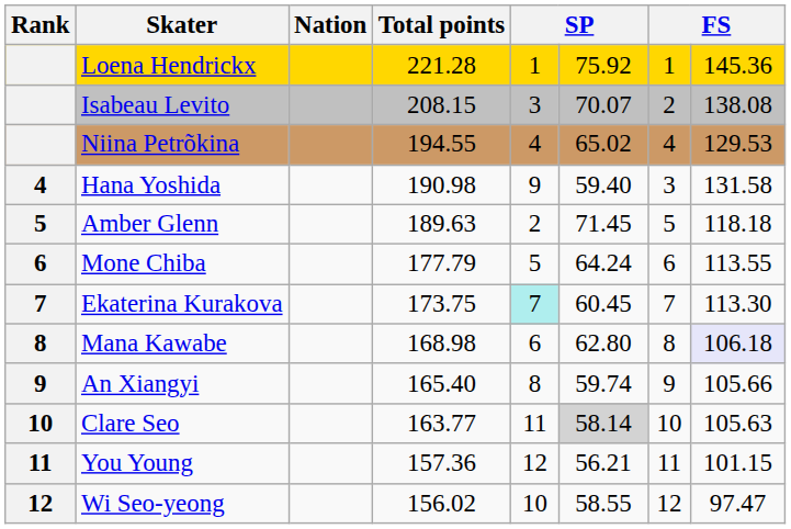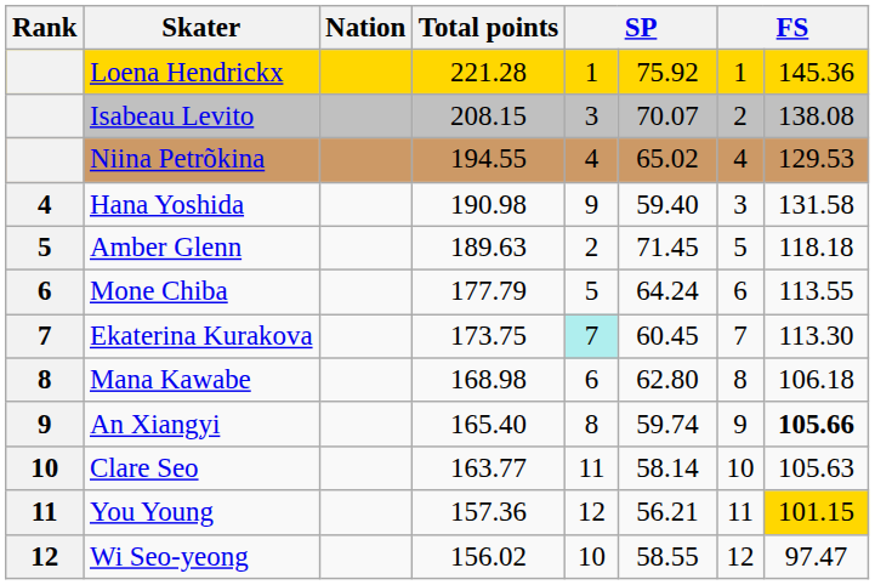 <table class="wikitable sortable" style="text-align:left">
 <tr>
 <th scope="col">Rank</th>
 <th scope="col">Skater</th>
 <th scope="col">Nation</th>
 <th scope="col">Total points</th>
 <th scope="col" colspan="2" width="80px"><a href='#'>SP</a></th>
 <th scope="col" colspan="2" width="80px"><a href='#'>FS</a></th>
 </tr>
 <tr bgcolor="gold">
 <th scope="row"></th>
 <td><a href='#'>Loena Hendrickx</a></td>
 <td></td>
 <td align="center">221.28</td>
 <td align="center">1</td>
 <td align="center">75.92</td>
 <td align="center">1</td>
 <td align="center">145.36</td>
 </tr>
 <tr bgcolor="silver">
 <th scope="row"></th>
 <td><a href='#'>Isabeau Levito</a></td>
 <td></td>
 <td align="center">208.15</td>
 <td align="center">3</td>
 <td align="center">70.07</td>
 <td align="center">2</td>
 <td align="center">138.08</td>
 </tr>
 <tr bgcolor="cc9966">
 <th scope="row"></th>
 <td><a href='#'>Niina Petrõkina</a></td>
 <td></td>
 <td align="center">194.55</td>
 <td align="center">4</td>
 <td align="center">65.02</td>
 <td align="center">4</td>
 <td align="center">129.53</td>
 </tr>
 <tr>
 <th scope="row">4</th>
 <td><a href='#'>Hana Yoshida</a></td>
 <td></td>
 <td align="center">190.98</td>
 <td align="center">9</td>
 <td align="center">59.40</td>
 <td align="center">3</td>
 <td align="center">131.58</td>
 </tr>
 <tr>
 <th scope="row">5</th>
 <td><a href='#'>Amber Glenn</a></td>
 <td></td>
 <td align="center">189.63</td>
 <td align="center">2</td>
 <td align="center">71.45</td>
 <td align="center">5</td>
 <td align="center">118.18</td>
 </tr>
 <tr>
 <th scope="row">6</th>
 <td><a href='#'>Mone Chiba</a></td>
 <td></td>
 <td align="center">177.79</td>
 <td align="center">5</td>
 <td align="center">64.24</td>
 <td align="center">6</td>
 <td align="center">113.55</td>
 </tr>
 <tr>
 <th scope="row">7</th>
 <td><a href='#'>Ekaterina Kurakova</a></td>
 <td></td>
 <td align="center">173.75</td>
 <td align="center" style="background: paleturquoise;">7</td>
 <td align="center">60.45</td>
 <td align="center">7</td>
 <td align="center">113.30</td>
 </tr>
 <tr>
 <th scope="row">8</th>
 <td><a href='#'>Mana Kawabe</a></td>
 <td></td>
 <td align="center">168.98</td>
 <td align="center">6</td>
 <td align="center">62.80</td>
 <td align="center">8</td>
-<td align="center" style="background: lavender;">106.18</td>
+<td align="center">106.18</td>
 </tr>
 <tr>
 <th scope="row">9</th>
 <td><a href='#'>An Xiangyi</a></td>
 <td></td>
 <td align="center">165.40</td>
 <td align="center">8</td>
 <td align="center">59.74</td>
 <td align="center">9</td>
-<td align="center">105.66</td>
+<td align="center"><strong>105.66</strong></td>
 </tr>
 <tr>
 <th scope="row">10</th>
 <td><a href='#'>Clare Seo</a></td>
 <td></td>
 <td align="center">163.77</td>
 <td align="center">11</td>
-<td align="center" style="background: lightgrey;">58.14</td>
+<td align="center">58.14</td>
 <td align="center">10</td>
 <td align="center">105.63</td>
 </tr>
 <tr>
 <th scope="row">11</th>
 <td><a href='#'>You Young</a></td>
 <td></td>
 <td align="center">157.36</td>
 <td align="center">12</td>
 <td align="center">56.21</td>
 <td align="center">11</td>
-<td align="center">101.15</td>
+<td align="center" style="background: gold;">101.15</td>
 </tr>
 <tr>
 <th scope="row">12</th>
 <td><a href='#'>Wi Seo-yeong</a></td>
 <td></td>
 <td align="center">156.02</td>
 <td align="center">10</td>
 <td align="center">58.55</td>
 <td align="center">12</td>
 <td align="center">97.47</td>
 </tr>
 </table>
